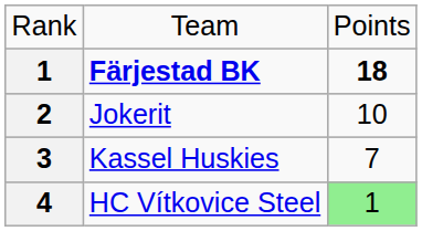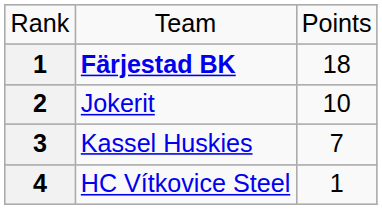 <table class="wikitable" style="text-align: center;">
 <tr>
 <td>Rank</td>
 <td>Team</td>
 <td>Points</td>
 </tr>
 <tr>
 <th>1</th>
 <td style="text-align: left;"> <strong><a href='#'>Färjestad BK</a></strong></td>
-<td><strong>18</strong></td>
+<td>18</td>
 </tr>
 <tr>
 <th>2</th>
 <td style="text-align: left;"> <a href='#'>Jokerit</a></td>
 <td>10</td>
 </tr>
 <tr>
 <th>3</th>
 <td style="text-align: left;"> <a href='#'>Kassel Huskies</a></td>
 <td>7</td>
 </tr>
 <tr>
 <th>4</th>
 <td style="text-align: left;"> <a href='#'>HC Vítkovice Steel</a></td>
-<td style="background: lightgreen;">1</td>
+<td>1</td>
 </tr>
 </table>
